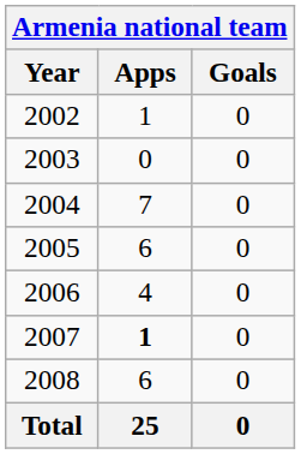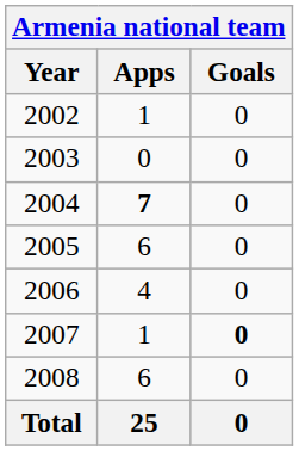 <table class="wikitable" style="text-align:center">
 <tr>
 <th colspan=3><a href='#'>Armenia national team</a></th>
 </tr>
 <tr>
 <th>Year</th>
 <th>Apps</th>
 <th>Goals</th>
 </tr>
 <tr>
 <td>2002</td>
 <td>1</td>
 <td>0</td>
 </tr>
 <tr>
 <td>2003</td>
 <td>0</td>
 <td>0</td>
 </tr>
 <tr>
 <td>2004</td>
-<td>7</td>
+<td><strong>7</strong></td>
 <td>0</td>
 </tr>
 <tr>
 <td>2005</td>
 <td>6</td>
 <td>0</td>
 </tr>
 <tr>
 <td>2006</td>
 <td>4</td>
 <td>0</td>
 </tr>
 <tr>
 <td>2007</td>
-<td><strong>1</strong></td>
-<td>0</td>
+<td>1</td>
+<td><strong>0</strong></td>
 </tr>
 <tr>
 <td>2008</td>
 <td>6</td>
 <td>0</td>
 </tr>
 <tr>
 <th>Total</th>
 <th>25</th>
 <th>0</th>
 </tr>
 </table>
